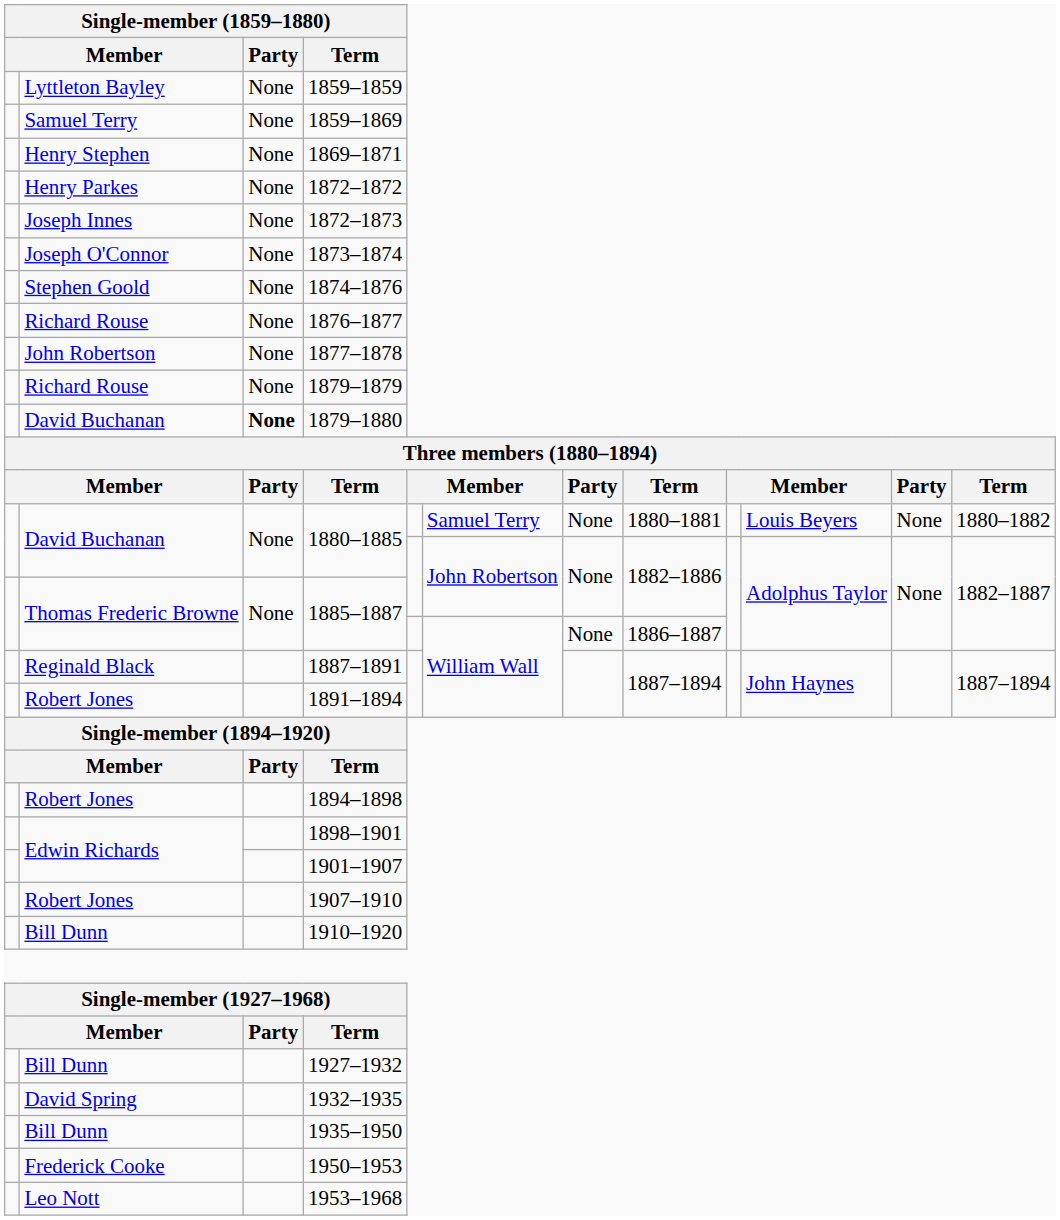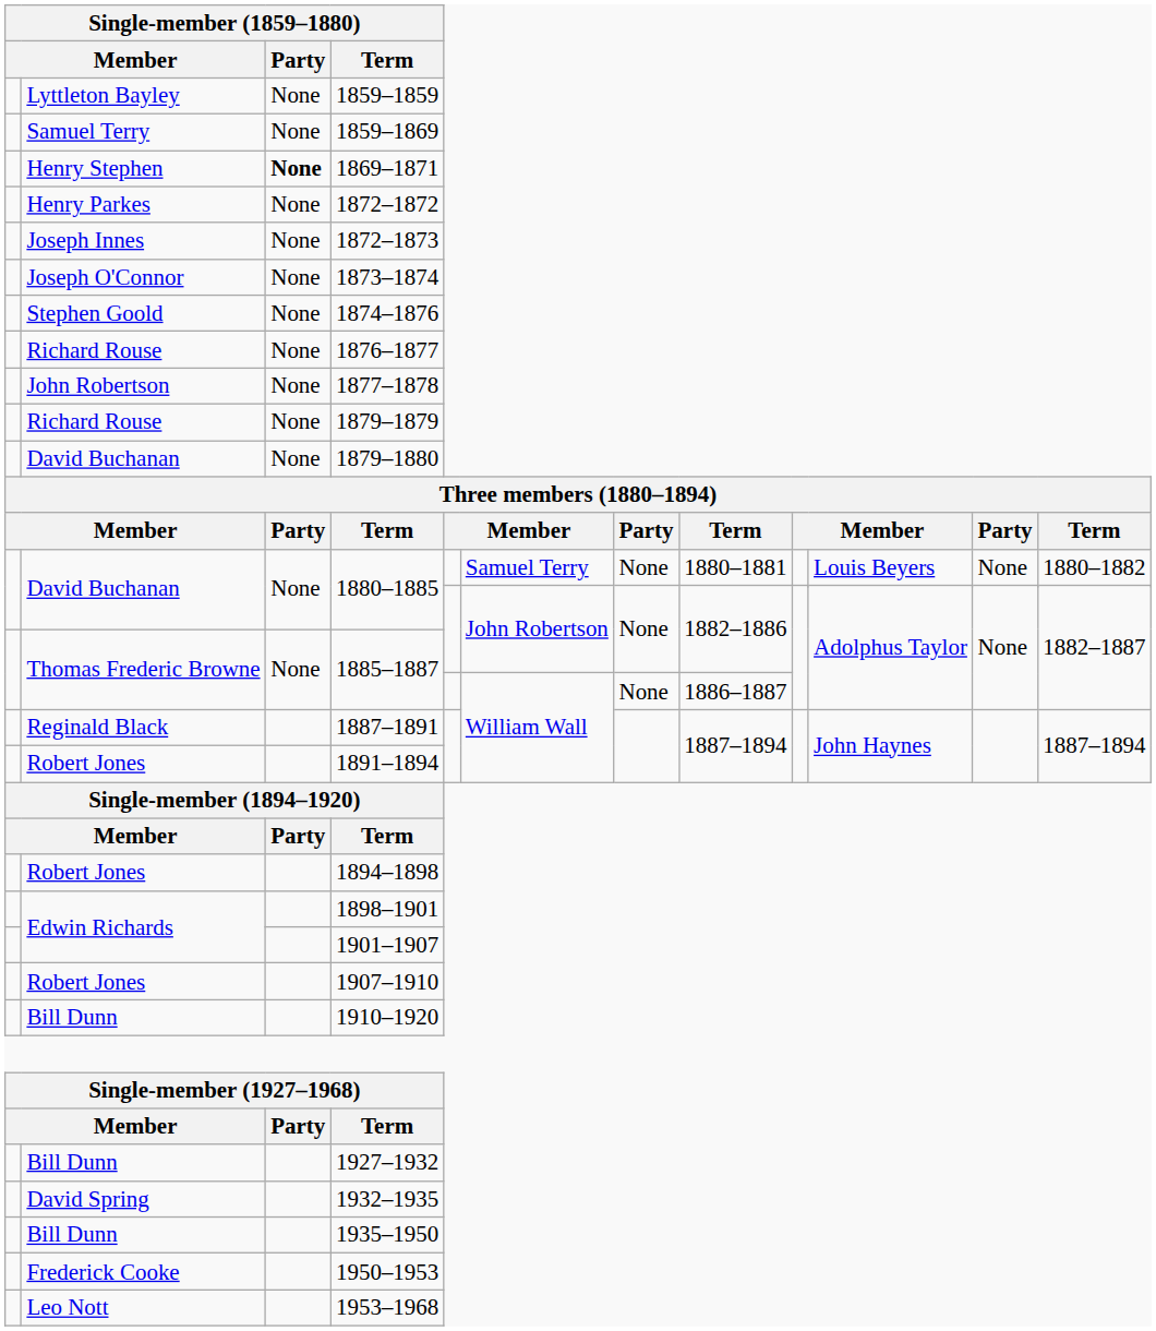 <table class="wikitable" style='border-style: none none none none;'>
 <tr>
 <th colspan="4">Single-member (1859–1880)</th>
 </tr>
 <tr>
 <th colspan="2">Member</th>
 <th>Party</th>
 <th>Term</th>
 </tr>
 <tr style="background: #f9f9f9">
 <td> </td>
 <td><a href='#'>Lyttleton Bayley</a></td>
 <td>None</td>
 <td>1859–1859</td>
 </tr>
 <tr style="background: #f9f9f9">
 <td> </td>
 <td><a href='#'>Samuel Terry</a></td>
 <td>None</td>
 <td>1859–1869</td>
 </tr>
 <tr style="background: #f9f9f9">
 <td> </td>
 <td><a href='#'>Henry Stephen</a></td>
-<td>None</td>
+<td><strong>None</strong></td>
 <td>1869–1871</td>
 </tr>
 <tr style="background: #f9f9f9">
 <td> </td>
 <td><a href='#'>Henry Parkes</a></td>
 <td>None</td>
 <td>1872–1872</td>
 </tr>
 <tr style="background: #f9f9f9">
 <td> </td>
 <td><a href='#'>Joseph Innes</a></td>
 <td>None</td>
 <td>1872–1873</td>
 </tr>
 <tr style="background: #f9f9f9">
 <td> </td>
 <td><a href='#'>Joseph O'Connor</a></td>
 <td>None</td>
 <td>1873–1874</td>
 </tr>
 <tr style="background: #f9f9f9">
 <td> </td>
 <td><a href='#'>Stephen Goold</a></td>
 <td>None</td>
 <td>1874–1876</td>
 </tr>
 <tr style="background: #f9f9f9">
 <td> </td>
 <td><a href='#'>Richard Rouse</a></td>
 <td>None</td>
 <td>1876–1877</td>
 </tr>
 <tr style="background: #f9f9f9">
 <td> </td>
 <td><a href='#'>John Robertson</a></td>
 <td>None</td>
 <td>1877–1878</td>
 </tr>
 <tr style="background: #f9f9f9">
 <td> </td>
 <td><a href='#'>Richard Rouse</a></td>
 <td>None</td>
 <td>1879–1879</td>
 </tr>
 <tr style="background: #f9f9f9">
 <td> </td>
 <td><a href='#'>David Buchanan</a></td>
-<td><strong>None</strong></td>
+<td>None</td>
 <td>1879–1880</td>
 </tr>
 <tr>
 <th colspan="12">Three members (1880–1894)</th>
 </tr>
 <tr>
 <th colspan="2">Member</th>
 <th>Party</th>
 <th>Term</th>
 <th colspan="2">Member</th>
 <th>Party</th>
 <th>Term</th>
 <th colspan="2">Member</th>
 <th>Party</th>
 <th>Term</th>
 </tr>
 <tr style="background: #f9f9f9">
 <td rowspan="3" > </td>
 <td rowspan="3"><a href='#'>David Buchanan</a></td>
 <td rowspan="3">None</td>
 <td rowspan="3">1880–1885</td>
 <td> </td>
 <td><a href='#'>Samuel Terry</a></td>
 <td>None</td>
 <td>1880–1881</td>
 <td rowspan="2" > </td>
 <td rowspan="2"><a href='#'>Louis Beyers</a></td>
 <td rowspan="2">None</td>
 <td rowspan="2">1880–1882</td>
 </tr>
 <tr style="background: #f9f9f9">
 <td rowspan="3" ><br><br> </td>
 <td rowspan="3"><a href='#'>John Robertson</a></td>
 <td rowspan="3">None</td>
 <td rowspan="3">1882–1886</td>
 </tr>
 <tr style="background: #f9f9f9">
 <td rowspan="3" > </td>
 <td rowspan="3"><a href='#'>Adolphus Taylor</a></td>
 <td rowspan="3">None</td>
 <td rowspan="3">1882–1887</td>
 </tr>
 <tr style="background: #f9f9f9">
 <td rowspan="2" > </td>
 <td rowspan="2"><a href='#'>Thomas Frederic Browne</a></td>
 <td rowspan="2">None</td>
 <td rowspan="2">1885–1887</td>
 </tr>
 <tr style="background: #f9f9f9">
 <td> </td>
 <td rowspan="3"><a href='#'>William Wall</a></td>
 <td>None</td>
 <td>1886–1887</td>
 </tr>
 <tr style="background: #f9f9f9">
 <td> </td>
 <td><a href='#'>Reginald Black</a></td>
 <td></td>
 <td>1887–1891</td>
 <td rowspan="2" > </td>
 <td rowspan="2"></td>
 <td rowspan="2">1887–1894</td>
 <td rowspan="2" > </td>
 <td rowspan="2"><a href='#'>John Haynes</a></td>
 <td rowspan="2"></td>
 <td rowspan="2">1887–1894</td>
 </tr>
 <tr style="background: #f9f9f9">
 <td> </td>
 <td><a href='#'>Robert Jones</a></td>
 <td></td>
 <td>1891–1894</td>
 </tr>
 <tr>
 <th colspan="4">Single-member (1894–1920)</th>
 </tr>
 <tr>
 <th colspan="2">Member</th>
 <th>Party</th>
 <th>Term</th>
 </tr>
 <tr style="background: #f9f9f9">
 <td> </td>
 <td><a href='#'>Robert Jones</a></td>
 <td></td>
 <td>1894–1898</td>
 </tr>
 <tr style="background: #f9f9f9">
 <td> </td>
 <td rowspan="2"><a href='#'>Edwin Richards</a></td>
 <td></td>
 <td>1898–1901</td>
 </tr>
 <tr style="background: #f9f9f9">
 <td> </td>
 <td></td>
 <td>1901–1907</td>
 </tr>
 <tr style="background: #f9f9f9">
 <td> </td>
 <td><a href='#'>Robert Jones</a></td>
 <td></td>
 <td>1907–1910</td>
 </tr>
 <tr style="background: #f9f9f9">
 <td> </td>
 <td><a href='#'>Bill Dunn</a></td>
 <td></td>
 <td>1910–1920</td>
 </tr>
 <tr>
 <td colspan="4" style='border-style: none none none none;'> </td>
 </tr>
 <tr>
 <th colspan="4">Single-member (1927–1968)</th>
 </tr>
 <tr>
 <th colspan="2">Member</th>
 <th>Party</th>
 <th>Term</th>
 </tr>
 <tr style="background: #f9f9f9">
 <td> </td>
 <td><a href='#'>Bill Dunn</a></td>
 <td></td>
 <td>1927–1932</td>
 </tr>
 <tr style="background: #f9f9f9">
 <td> </td>
 <td><a href='#'>David Spring</a></td>
 <td></td>
 <td>1932–1935</td>
 </tr>
 <tr style="background: #f9f9f9">
 <td> </td>
 <td><a href='#'>Bill Dunn</a></td>
 <td></td>
 <td>1935–1950</td>
 </tr>
 <tr style="background: #f9f9f9">
 <td> </td>
 <td><a href='#'>Frederick Cooke</a></td>
 <td></td>
 <td>1950–1953</td>
 </tr>
 <tr style="background: #f9f9f9">
 <td> </td>
 <td><a href='#'>Leo Nott</a></td>
 <td></td>
 <td>1953–1968</td>
 </tr>
 </table>
